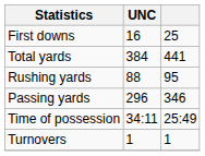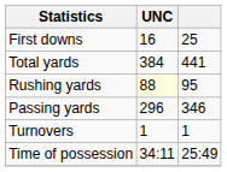 <table class="wikitable">
 <tr>
 <th>Statistics</th>
 <th>UNC</th>
 <th></th>
 </tr>
 <tr>
 <td>First downs</td>
 <td>16</td>
 <td>25</td>
 </tr>
 <tr>
 <td>Total yards</td>
 <td>384</td>
 <td>441</td>
 </tr>
 <tr>
 <td>Rushing yards</td>
-<td>88</td>
+<td style="background: lightyellow;">88</td>
 <td>95</td>
 </tr>
 <tr>
 <td>Passing yards</td>
 <td>296</td>
 <td>346</td>
 </tr>
 <tr>
+<td>Turnovers</td>
+<td>1</td>
+<td>1</td>
+</tr>
+<tr>
 <td>Time of possession</td>
 <td>34:11</td>
 <td>25:49</td>
 </tr>
 <tr>
-<td>Turnovers</td>
-<td>1</td>
-<td>1</td>
-</tr>
-<tr>
 </tr>
 </table>
